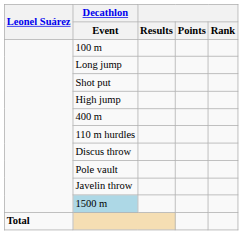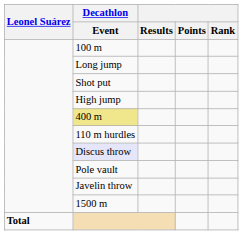 <table class=wikitable style="font-size:90%;">
 <tr>
 <th rowspan="2"><strong><a href='#'>Leonel Suárez</a></strong></th>
 <th><a href='#'>Decathlon</a></th>
 <th colspan="3"></th>
 </tr>
 <tr>
 <th>Event</th>
 <th>Results</th>
 <th>Points</th>
 <th>Rank</th>
 </tr>
 <tr style="border-top: single;">
 <td rowspan="10"></td>
 <td>100 m</td>
 <td align=center></td>
 <td align=center></td>
 <td align=center></td>
 </tr>
 <tr>
 <td>Long jump</td>
 <td align=center></td>
 <td align=center></td>
 <td align=center></td>
 </tr>
 <tr>
 <td>Shot put</td>
 <td align=center></td>
 <td align=center></td>
 <td align=center></td>
 </tr>
 <tr>
 <td>High jump</td>
 <td align=center></td>
 <td align=center></td>
 <td align=center></td>
 </tr>
 <tr>
-<td>400 m</td>
+<td style="background: khaki;">400 m</td>
 <td align=center></td>
 <td align=center></td>
 <td align=center></td>
 </tr>
 <tr>
 <td>110 m hurdles</td>
 <td align=center></td>
 <td align=center></td>
 <td align=center></td>
 </tr>
 <tr>
-<td>Discus throw</td>
+<td style="background: lavender;">Discus throw</td>
 <td align=center></td>
 <td align=center></td>
 <td align=center></td>
 </tr>
 <tr>
 <td>Pole vault</td>
 <td align=center></td>
 <td align=center></td>
 <td align=center></td>
 </tr>
 <tr>
 <td>Javelin throw</td>
 <td align=center></td>
 <td align=center></td>
 <td align=center></td>
 </tr>
 <tr>
-<td style="background: lightblue;">1500 m</td>
+<td>1500 m</td>
 <td align=center></td>
 <td align=center></td>
 <td align=center></td>
 </tr>
 <tr style="border-top: single;">
 <td><strong>Total</strong></td>
 <td colspan="2" style="background:wheat;"></td>
 <td align=center></td>
 <td align=center></td>
 </tr>
 </table>
